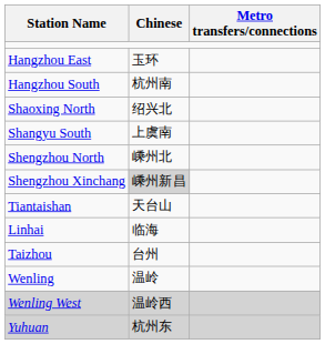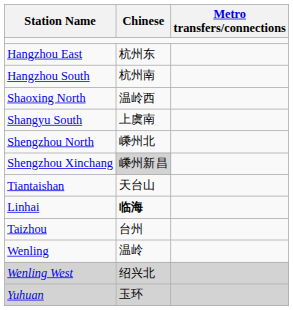 <table class="wikitable">
 <tr>
 <th>Station Name</th>
 <th>Chinese<br> </th>
 <th><a href='#'>Metro</a><br>transfers/connections<br></th>
 </tr>
 <tr style="background:#">
 <td colspan = "11"></td>
 </tr>
 <tr>
 <td><a href='#'>Hangzhou East</a></td>
-<td>玉环</td>
+<td>杭州东</td>
 <td>    </td>
 </tr>
 <tr>
 <td><a href='#'>Hangzhou South</a></td>
 <td>杭州南</td>
 <td> </td>
 </tr>
 <tr>
 <td><a href='#'>Shaoxing North</a></td>
-<td>绍兴北</td>
+<td>温岭西</td>
 <td></td>
 </tr>
 <tr>
 <td><a href='#'>Shangyu South</a></td>
 <td>上虞南</td>
 <td></td>
 </tr>
 <tr>
 <td><a href='#'>Shengzhou North</a></td>
 <td>嵊州北</td>
 <td></td>
 </tr>
 <tr>
 <td><a href='#'>Shengzhou Xinchang</a></td>
 <td style="background: lightgrey;">嵊州新昌</td>
 <td></td>
 </tr>
 <tr>
 <td><a href='#'>Tiantaishan</a></td>
 <td>天台山</td>
 <td></td>
 </tr>
 <tr>
 <td><a href='#'>Linhai</a></td>
-<td>临海</td>
+<td><strong>临海</strong></td>
 <td></td>
 </tr>
 <tr>
 <td><a href='#'>Taizhou</a></td>
 <td>台州</td>
 <td></td>
 </tr>
 <tr>
 <td><a href='#'>Wenling</a></td>
 <td>温岭</td>
 <td></td>
 </tr>
 <tr bgcolor="lightgrey">
 <td><em><a href='#'>Wenling West</a></em></td>
-<td>温岭西</td>
+<td>绍兴北</td>
 <td></td>
 </tr>
 <tr bgcolor="lightgrey">
 <td><em><a href='#'>Yuhuan</a></em></td>
-<td>杭州东</td>
+<td>玉环</td>
 <td></td>
 </tr>
 </table>
